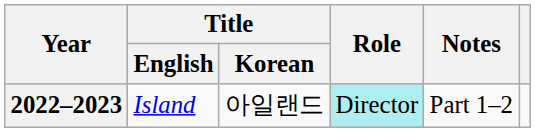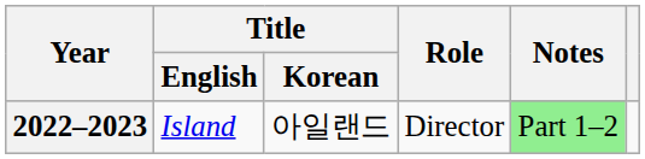 <table class="wikitable sortable plainrowheaders">
 <tr>
 <th rowspan="2" scope="col">Year</th>
 <th colspan="2" scope="col">Title</th>
 <th rowspan="2" scope="col">Role</th>
 <th rowspan="2" scope="col">Notes</th>
 <th rowspan="2" scope="col" class="unsortable"></th>
 </tr>
 <tr>
 <th>English</th>
 <th>Korean</th>
 </tr>
 <tr>
 <th scope="row">2022–2023</th>
 <td><em><a href='#'>Island</a></em></td>
 <td>아일랜드</td>
-<td style="background: paleturquoise;">Director</td>
-<td>Part 1–2</td>
+<td>Director</td>
+<td style="background: lightgreen;">Part 1–2</td>
 <td style="text-align:center"></td>
 </tr>
 </table>
